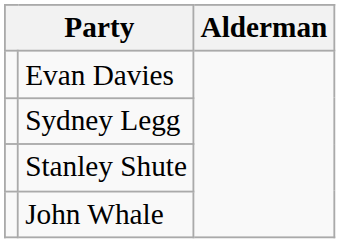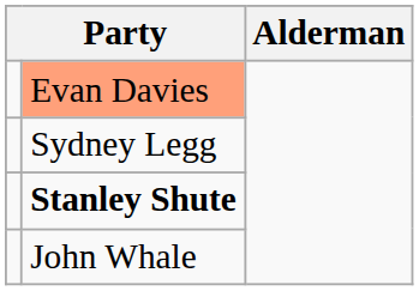 <table class="wikitable">
 <tr>
 <th colspan="2">Party</th>
 <th>Alderman</th>
 </tr>
 <tr>
 <td></td>
-<td>Evan Davies</td>
+<td style="background: lightsalmon;">Evan Davies</td>
 </tr>
 <tr>
 <td></td>
 <td>Sydney Legg</td>
 </tr>
 <tr>
 <td></td>
-<td>Stanley Shute</td>
+<td><strong>Stanley Shute</strong></td>
 </tr>
 <tr>
 <td></td>
 <td>John Whale</td>
 </tr>
 </table>
